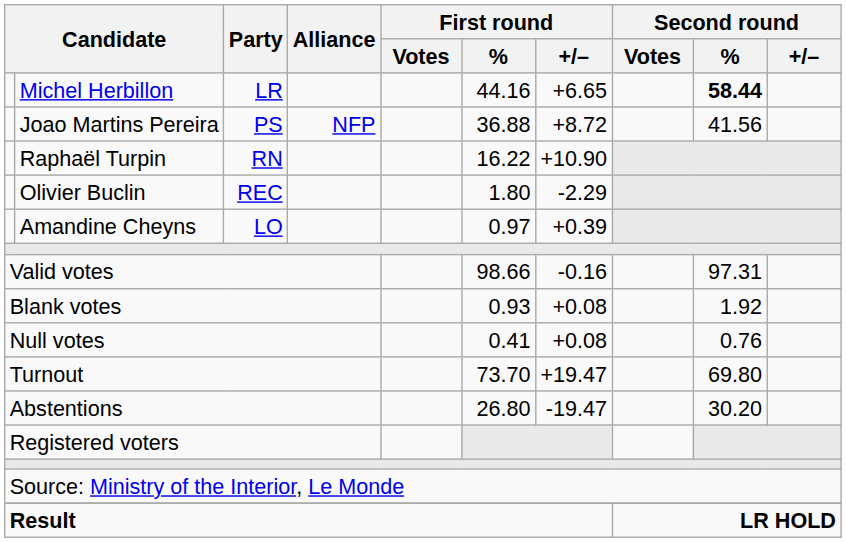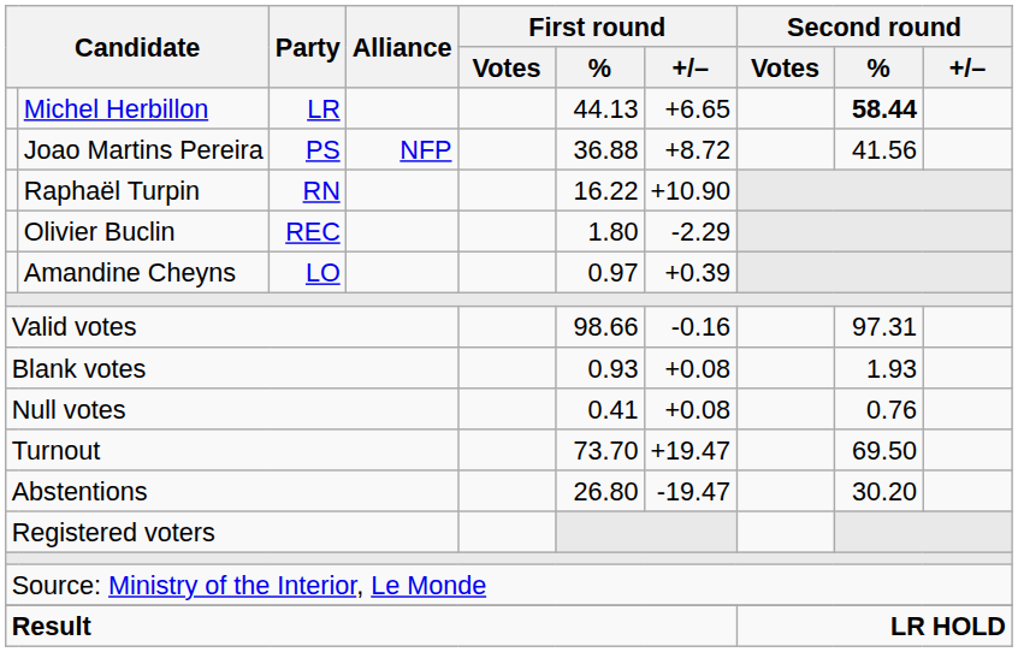 <table class="wikitable" style="text-align:right;font-size:95%;">
 <tr>
 <th rowspan="2" colspan="2">Candidate</th>
 <th rowspan="2">Party</th>
 <th rowspan="2">Alliance</th>
 <th colspan="3">First round</th>
 <th colspan="3">Second round</th>
 </tr>
 <tr>
 <th style="width:50px;">Votes</th>
 <th style="width:45px;">%</th>
 <th style="width:45px;">+/–</th>
 <th style="width:50px;">Votes</th>
 <th style="width:45px;">%</th>
 <th style="width:45px;">+/–</th>
 </tr>
 <tr>
 <td style="color:inherit;background:"></td>
 <td style="text-align:left;"><a href='#'>Michel Herbillon</a></td>
 <td><a href='#'>LR</a></td>
 <td></td>
 <td></td>
-<td>44.16</td>
+<td>44.13</td>
 <td>+6.65</td>
 <td><strong></strong></td>
 <td><strong>58.44</strong></td>
 <td></td>
 </tr>
 <tr>
 <td style="color:inherit;background:"></td>
 <td style="text-align:left;">Joao Martins Pereira</td>
 <td><a href='#'>PS</a></td>
 <td><a href='#'>NFP</a></td>
 <td></td>
 <td>36.88</td>
 <td>+8.72</td>
 <td></td>
 <td>41.56</td>
 <td></td>
 </tr>
 <tr>
 <td style="color:inherit;background:"></td>
 <td style="text-align:left;">Raphaël Turpin</td>
 <td><a href='#'>RN</a></td>
 <td></td>
 <td></td>
 <td>16.22</td>
 <td>+10.90</td>
 <td colspan="3" style="background:#E9E9E9;"></td>
 </tr>
 <tr>
 <td style="color:inherit;background:"></td>
 <td style="text-align:left;">Olivier Buclin</td>
 <td><a href='#'>REC</a></td>
 <td></td>
 <td></td>
 <td>1.80</td>
 <td>-2.29</td>
 <td colspan="3" style="background:#E9E9E9;"></td>
 </tr>
 <tr>
 <td style="color:inherit;background:"></td>
 <td style="text-align:left;">Amandine Cheyns</td>
 <td><a href='#'>LO</a></td>
 <td></td>
 <td></td>
 <td>0.97</td>
 <td>+0.39</td>
 <td colspan="3" style="background:#E9E9E9;"></td>
 </tr>
 <tr>
 <td colspan="10" style="background:#E9E9E9;"></td>
 </tr>
 <tr>
 <td colspan="4" style="text-align:left;">Valid votes</td>
 <td></td>
 <td>98.66</td>
 <td>-0.16</td>
 <td></td>
 <td>97.31</td>
 <td></td>
 </tr>
 <tr>
 <td colspan="4" style="text-align:left;">Blank votes</td>
 <td></td>
 <td>0.93</td>
 <td>+0.08</td>
 <td></td>
-<td>1.92</td>
+<td>1.93</td>
 <td></td>
 </tr>
 <tr>
 <td colspan="4" style="text-align:left;">Null votes</td>
 <td></td>
 <td>0.41</td>
 <td>+0.08</td>
 <td></td>
 <td>0.76</td>
 <td></td>
 </tr>
 <tr>
 <td colspan="4" style="text-align:left;">Turnout</td>
 <td></td>
 <td>73.70</td>
 <td>+19.47</td>
 <td></td>
-<td>69.80</td>
+<td>69.50</td>
 <td></td>
 </tr>
 <tr>
 <td colspan="4" style="text-align:left;">Abstentions</td>
 <td></td>
 <td>26.80</td>
 <td>-19.47</td>
 <td></td>
 <td>30.20</td>
 <td></td>
 </tr>
 <tr>
 <td colspan="4" style="text-align:left;">Registered voters</td>
 <td></td>
 <td colspan="2" style="background:#E9E9E9;"></td>
 <td></td>
 <td colspan="2" style="background:#E9E9E9;"></td>
 </tr>
 <tr>
 <td colspan="10" style="background:#E9E9E9;"></td>
 </tr>
 <tr>
 <td colspan="10" style="text-align:left;">Source: <a href='#'>Ministry of the Interior</a>, <a href='#'>Le Monde</a></td>
 </tr>
 <tr>
 </tr>
 <tr style="font-weight:bold">
 <td colspan="7" style="text-align:left;">Result</td>
 <td colspan="7" style="background-color:">LR HOLD</td>
 </tr>
 </table>
